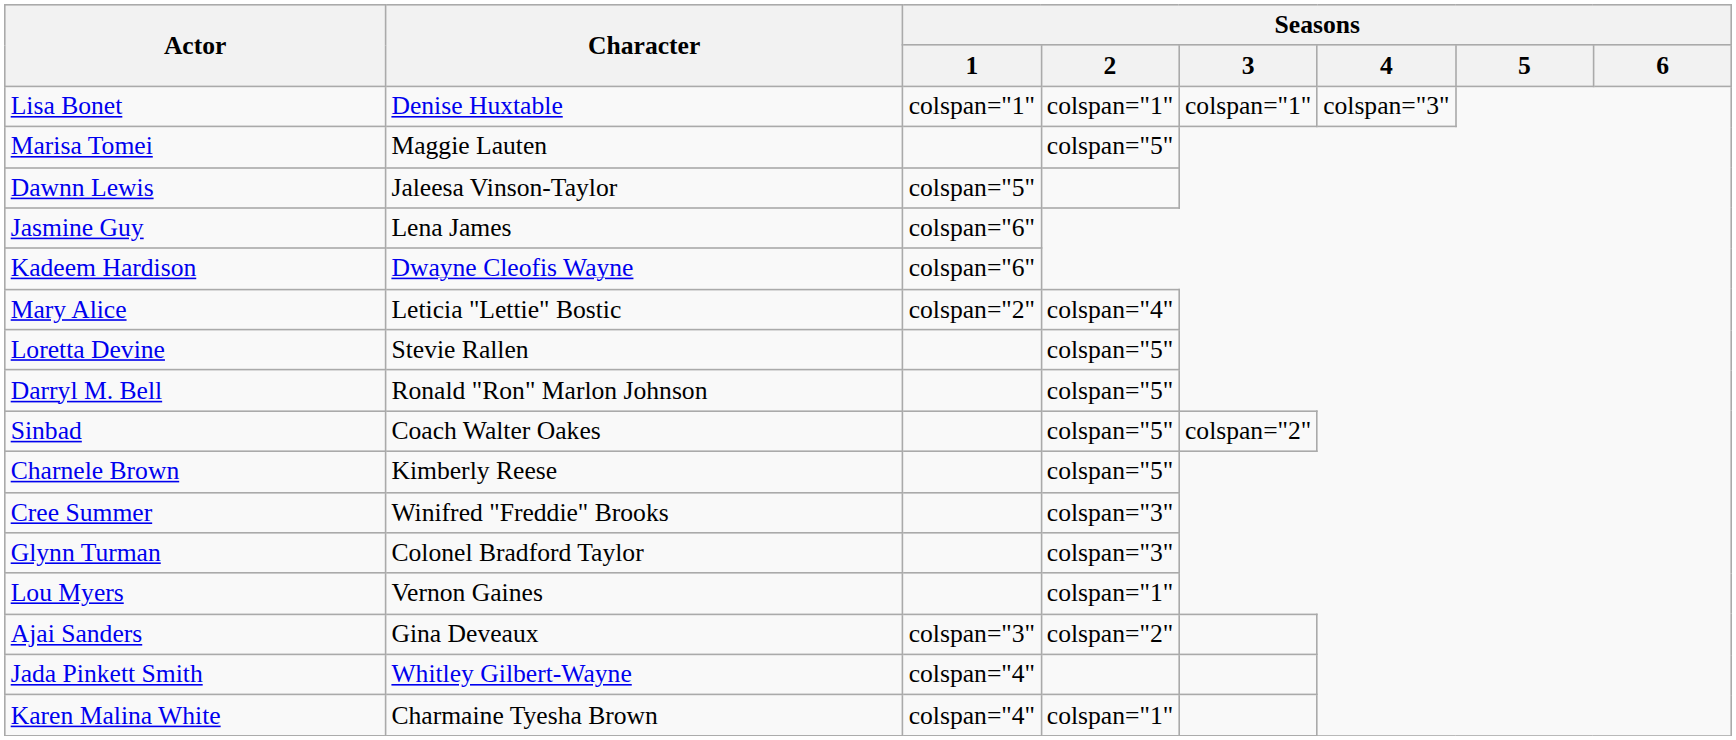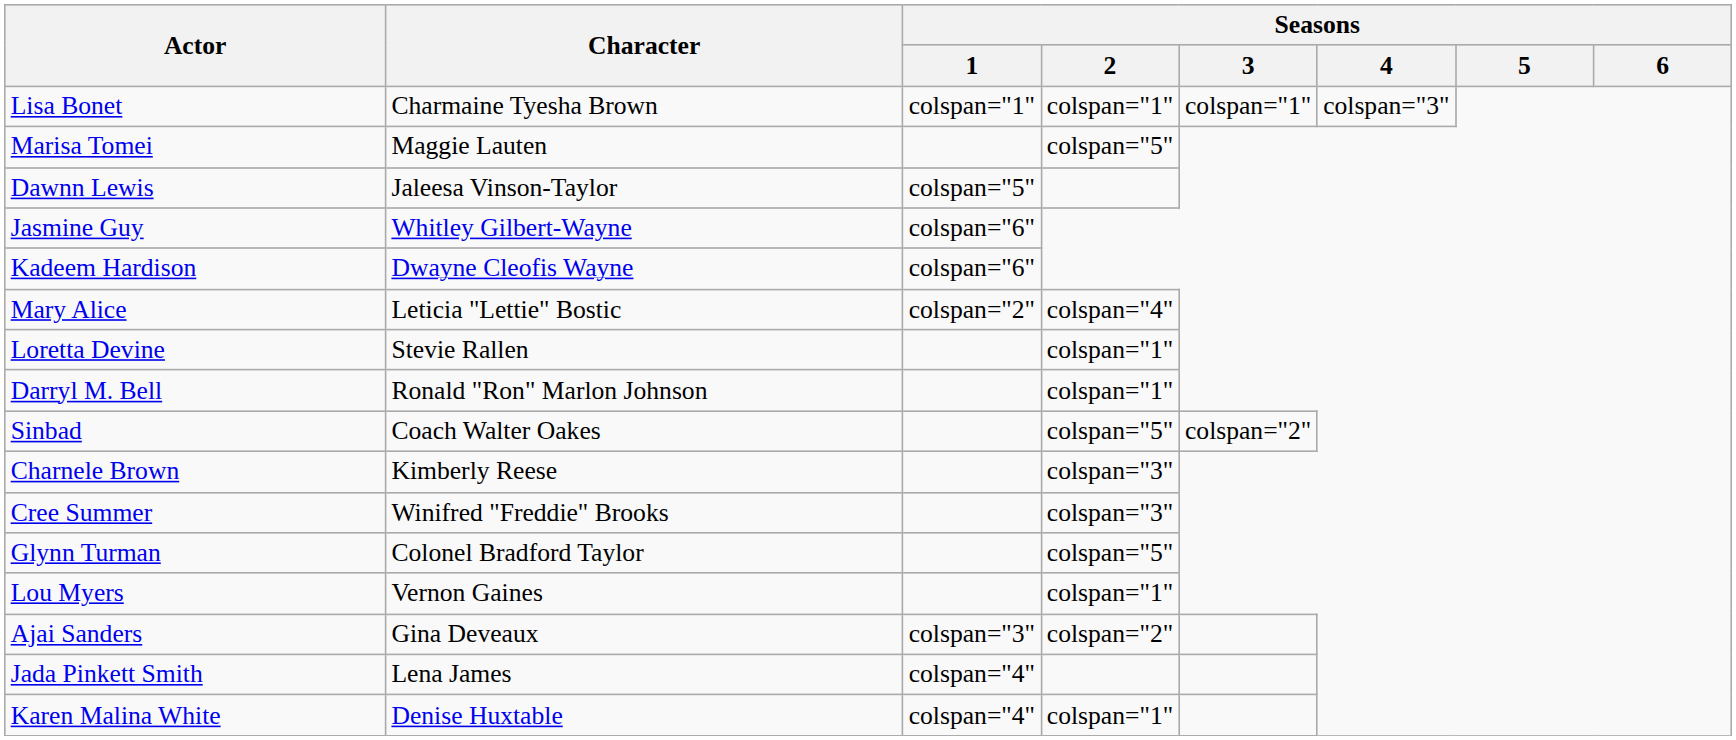 <table class="wikitable">
 <tr>
 <th rowspan="2" style="width: 160px;">Actor</th>
 <th rowspan="2" style="width: 220px;">Character</th>
 <th colspan="6">Seasons</th>
 </tr>
 <tr>
 <th style="width:8%;">1</th>
 <th style="width:8%;">2</th>
 <th style="width:8%;">3</th>
 <th style="width:8%;">4</th>
 <th style="width:8%;">5</th>
 <th style="width:8%;">6</th>
 </tr>
 <tr>
 <td><a href='#'>Lisa Bonet</a></td>
-<td><a href='#'>Denise Huxtable</a></td>
+<td>Charmaine Tyesha Brown</td>
 <td>colspan="1" </td>
 <td>colspan="1" </td>
 <td>colspan="1" </td>
 <td>colspan="3" </td>
 </tr>
 <tr>
 <td><a href='#'>Marisa Tomei</a></td>
 <td>Maggie Lauten</td>
 <td></td>
 <td>colspan="5" </td>
 </tr>
 <tr>
 <td><a href='#'>Dawnn Lewis</a></td>
 <td>Jaleesa Vinson-Taylor</td>
 <td>colspan="5" </td>
 <td></td>
 </tr>
 <tr>
 <td><a href='#'>Jasmine Guy</a></td>
-<td>Lena James</td>
+<td><a href='#'>Whitley Gilbert-Wayne</a></td>
 <td>colspan="6" </td>
 </tr>
 <tr>
 <td><a href='#'>Kadeem Hardison</a></td>
 <td><a href='#'>Dwayne Cleofis Wayne</a></td>
 <td>colspan="6" </td>
 </tr>
 <tr>
 <td><a href='#'>Mary Alice</a></td>
 <td>Leticia "Lettie" Bostic</td>
 <td>colspan="2" </td>
 <td>colspan="4" </td>
 </tr>
 <tr>
 <td><a href='#'>Loretta Devine</a></td>
 <td>Stevie Rallen</td>
 <td></td>
-<td>colspan="5" </td>
+<td>colspan="1" </td>
 </tr>
 <tr>
 <td><a href='#'>Darryl M. Bell</a></td>
 <td>Ronald "Ron" Marlon Johnson</td>
 <td></td>
-<td>colspan="5" </td>
+<td>colspan="1" </td>
 </tr>
 <tr>
 <td><a href='#'>Sinbad</a></td>
 <td>Coach Walter Oakes</td>
 <td></td>
 <td>colspan="5" </td>
 <td>colspan="2" </td>
 </tr>
 <tr>
 <td><a href='#'>Charnele Brown</a></td>
 <td>Kimberly Reese</td>
 <td></td>
-<td>colspan="5" </td>
+<td>colspan="3" </td>
 </tr>
 <tr>
 <td><a href='#'>Cree Summer</a></td>
 <td>Winifred "Freddie" Brooks</td>
 <td></td>
 <td>colspan="3" </td>
 </tr>
 <tr>
 <td><a href='#'>Glynn Turman</a></td>
 <td>Colonel Bradford Taylor</td>
 <td></td>
-<td>colspan="3" </td>
+<td>colspan="5" </td>
 </tr>
 <tr>
 <td><a href='#'>Lou Myers</a></td>
 <td>Vernon Gaines</td>
 <td></td>
 <td>colspan="1" </td>
 </tr>
 <tr>
 <td><a href='#'>Ajai Sanders</a></td>
 <td>Gina Deveaux</td>
 <td>colspan="3" </td>
 <td>colspan="2" </td>
 <td></td>
 </tr>
 <tr>
 <td><a href='#'>Jada Pinkett Smith</a></td>
-<td><a href='#'>Whitley Gilbert-Wayne</a></td>
+<td>Lena James</td>
 <td>colspan="4" </td>
 <td></td>
 <td></td>
 </tr>
 <tr>
 <td><a href='#'>Karen Malina White</a></td>
-<td>Charmaine Tyesha Brown</td>
+<td><a href='#'>Denise Huxtable</a></td>
 <td>colspan="4" </td>
 <td>colspan="1" </td>
 <td></td>
 </tr>
 <tr>
 </tr>
 </table>
